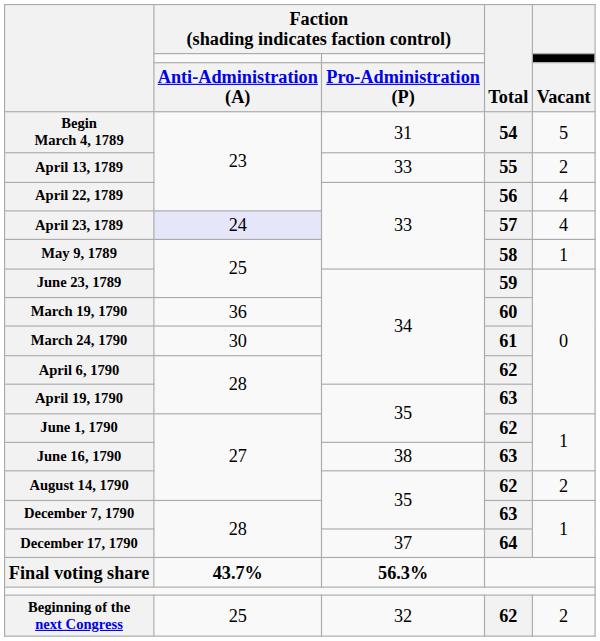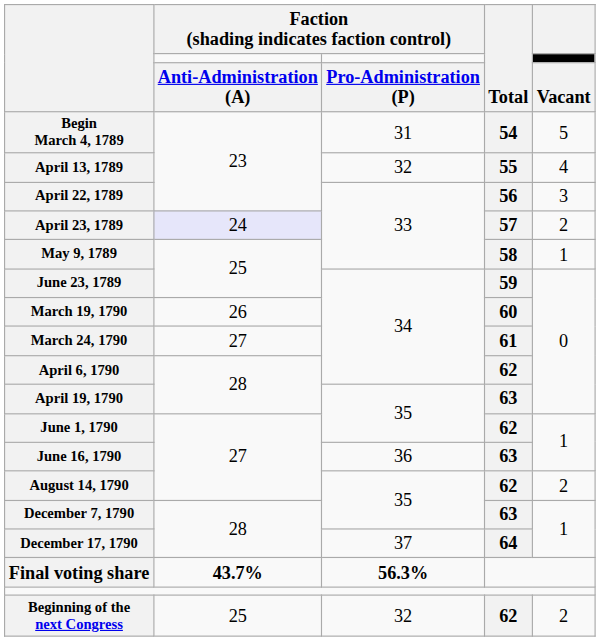 <table class=wikitable style="text-align:center">
 <tr style="vertical-align:bottom;">
 <th rowspan=3></th>
 <th colspan=2>Faction <div>(shading indicates faction control)</div></th>
 <th rowspan=3>Total</th>
 <th></th>
 </tr>
 <tr style="height:5px">
 <td style="background-color:"></td>
 <td style="background-color:"></td>
 <td style="background-color:black"></td>
 </tr>
 <tr valign= bottom>
 <th><a href='#'>Anti-Administration</a><br>(A)</th>
 <th><a href='#'>Pro-Administration</a><br>(P)</th>
 <th>Vacant</th>
 </tr>
 <tr>
 <th nowrap style="font-size:80%">Begin<br>March 4, 1789</th>
 <td rowspan=3>23</td>
 <td>31</td>
 <th>54</th>
 <td>5</td>
 </tr>
 <tr>
 <th nowrap style="font-size:80%">April 13, 1789</th>
-<td>33</td>
+<td>32</td>
 <th>55</th>
-<td>2</td>
+<td>4</td>
 </tr>
 <tr>
 <th nowrap style="font-size:80%">April 22, 1789</th>
 <td rowspan=3 >33</td>
 <th>56</th>
-<td>4</td>
+<td>3</td>
 </tr>
 <tr>
 <th nowrap style="font-size:80%">April 23, 1789</th>
 <td style="background: lavender;">24</td>
 <th>57</th>
-<td>4</td>
+<td>2</td>
 </tr>
 <tr>
 <th nowrap style="font-size:80%">May 9, 1789</th>
 <td rowspan=2>25</td>
 <th>58</th>
 <td>1</td>
 </tr>
 <tr>
 <th nowrap style="font-size:80%">June 23, 1789</th>
 <td rowspan=4  >34</td>
 <th>59</th>
 <td rowspan=5>0</td>
 </tr>
 <tr>
 <th nowrap style="font-size:80%">March 19, 1790</th>
-<td>36</td>
+<td>26</td>
 <th>60</th>
 </tr>
 <tr>
 <th nowrap style="font-size:80%">March 24, 1790</th>
-<td>30</td>
+<td>27</td>
 <th>61</th>
 </tr>
 <tr>
 <th nowrap style="font-size:80%">April 6, 1790</th>
 <td rowspan=2>28</td>
 <th>62</th>
 </tr>
 <tr>
 <th nowrap style="font-size:80%">April 19, 1790</th>
 <td rowspan=2 >35</td>
 <th>63</th>
 </tr>
 <tr>
 <th nowrap style="font-size:80%">June 1, 1790</th>
 <td rowspan=3>27</td>
 <th>62</th>
 <td rowspan=2>1</td>
 </tr>
 <tr>
 <th nowrap style="font-size:80%">June 16, 1790</th>
-<td>38</td>
+<td>36</td>
 <th>63</th>
 </tr>
 <tr>
 <th nowrap style="font-size:80%">August 14, 1790</th>
 <td rowspan=2 >35</td>
 <th>62</th>
 <td>2</td>
 </tr>
 <tr>
 <th nowrap style="font-size:80%">December 7, 1790</th>
 <td rowspan=2>28</td>
 <th>63</th>
 <td rowspan=2>1</td>
 </tr>
 <tr>
 <th nowrap style="font-size:80%">December 17, 1790</th>
 <td>37</td>
 <th>64</th>
 </tr>
 <tr>
 <th>Final voting share</th>
 <td><strong>43.7%</strong></td>
 <td><strong>56.3%</strong></td>
 <td colspan=3></td>
 </tr>
 <tr>
 <td colspan=5></td>
 </tr>
 <tr>
 <th nowrap style="font-size:80%">Beginning of the<br><a href='#'>next Congress</a></th>
 <td>25</td>
 <td>32</td>
 <th>62</th>
 <td>2</td>
 </tr>
 </table>
